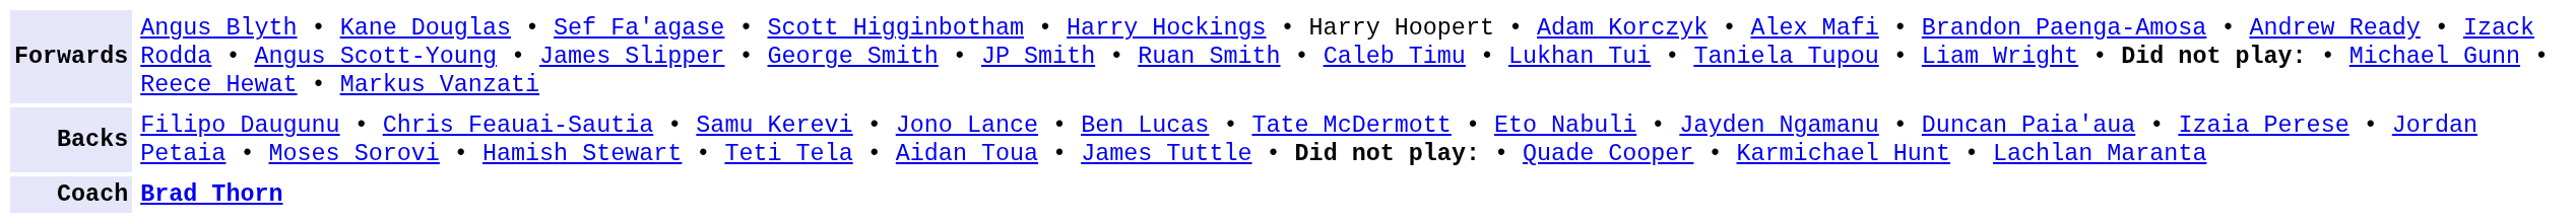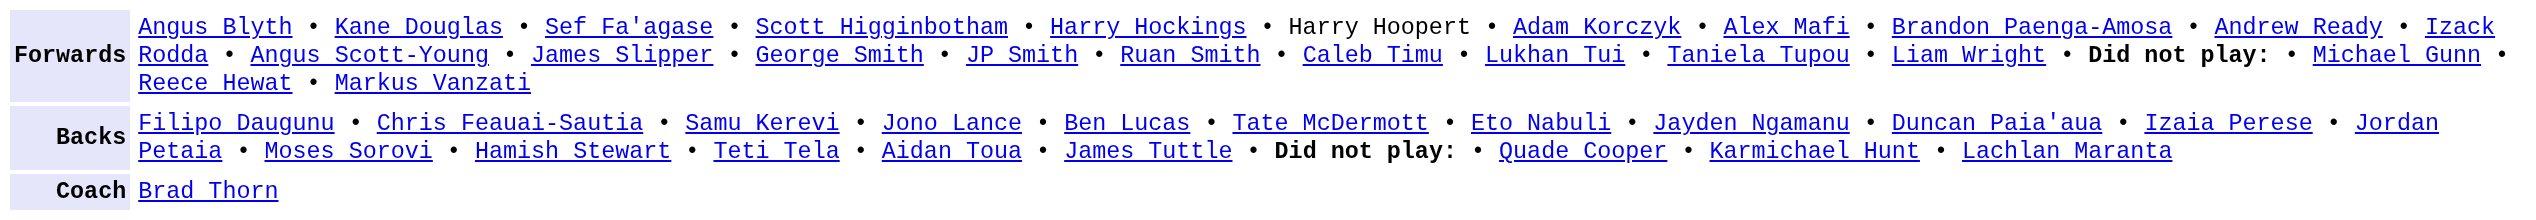 <table cellpadding="2" style="border: 1px solid white; font-size:90%;">
 <tr>
 <td style="text-align:right; background:lavender;"><strong>Forwards</strong></td>
 <td style="text-align:left;"><a href='#'>Angus Blyth</a> • <a href='#'>Kane Douglas</a> • <a href='#'>Sef Fa'agase</a> • <a href='#'>Scott Higginbotham</a> • <a href='#'>Harry Hockings</a> • Harry Hoopert • <a href='#'>Adam Korczyk</a> • <a href='#'>Alex Mafi</a> • <a href='#'>Brandon Paenga-Amosa</a> • <a href='#'>Andrew Ready</a> • <a href='#'>Izack Rodda</a> • <a href='#'>Angus Scott-Young</a> • <a href='#'>James Slipper</a> • <a href='#'>George Smith</a> • <a href='#'>JP Smith</a> • <a href='#'>Ruan Smith</a> • <a href='#'>Caleb Timu</a> • <a href='#'>Lukhan Tui</a> • <a href='#'>Taniela Tupou</a> • <a href='#'>Liam Wright</a> • <strong>Did not play:</strong> • <a href='#'>Michael Gunn</a> • <a href='#'>Reece Hewat</a> • <a href='#'>Markus Vanzati</a></td>
 </tr>
 <tr>
 <td style="text-align:right; background:lavender;"><strong>Backs</strong></td>
 <td style="text-align:left;"><a href='#'>Filipo Daugunu</a> • <a href='#'>Chris Feauai-Sautia</a> • <a href='#'>Samu Kerevi</a> • <a href='#'>Jono Lance</a> • <a href='#'>Ben Lucas</a> • <a href='#'>Tate McDermott</a> • <a href='#'>Eto Nabuli</a> • <a href='#'>Jayden Ngamanu</a> • <a href='#'>Duncan Paia'aua</a> • <a href='#'>Izaia Perese</a> • <a href='#'>Jordan Petaia</a> • <a href='#'>Moses Sorovi</a> • <a href='#'>Hamish Stewart</a> • <a href='#'>Teti Tela</a> • <a href='#'>Aidan Toua</a> • <a href='#'>James Tuttle</a> • <strong>Did not play:</strong> • <a href='#'>Quade Cooper</a> • <a href='#'>Karmichael Hunt</a> • <a href='#'>Lachlan Maranta</a></td>
 </tr>
 <tr>
 <td style="text-align:right; background:lavender;"><strong>Coach</strong></td>
-<td style="text-align:left;"><strong><a href='#'>Brad Thorn</a></strong></td>
+<td style="text-align:left;"><a href='#'>Brad Thorn</a></td>
 </tr>
 </table>
